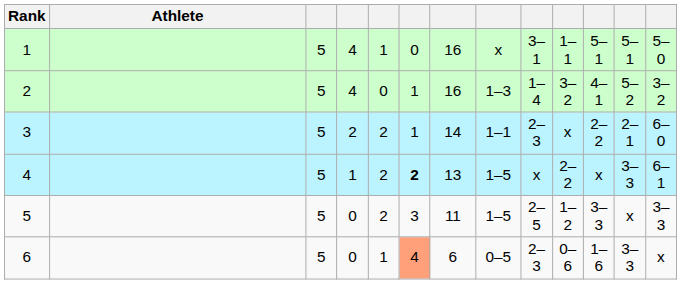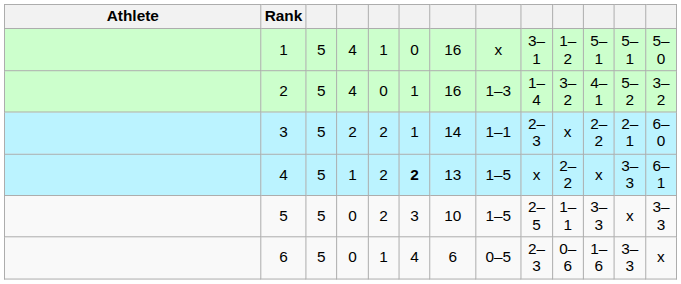 <table class="wikitable" style="text-align: center;">
 <tr>
+<th width=260>Athlete</th>
 <th width=25>Rank</th>
-<th width=260>Athlete</th>
 <th width=25></th>
 <th width=25></th>
 <th width=25></th>
 <th width=25></th>
 <th width=40></th>
 <th width=40></th>
 <th width=25></th>
 <th width=25></th>
 <th width=25></th>
 <th width=25></th>
 <th width=25></th>
 </tr>
 <tr bgcolor=ccffcc>
+<td align=left></td>
 <td>1</td>
-<td align=left></td>
 <td>5</td>
 <td>4</td>
 <td>1</td>
 <td>0</td>
 <td>16</td>
 <td>x</td>
 <td>3–1</td>
-<td>1–1</td>
+<td>1–2</td>
 <td>5–1</td>
 <td>5–1</td>
 <td>5–0</td>
 </tr>
 <tr bgcolor=ccffcc>
+<td align=left></td>
 <td>2</td>
-<td align=left></td>
 <td>5</td>
 <td>4</td>
 <td>0</td>
 <td>1</td>
 <td>16</td>
 <td>1–3</td>
 <td>1–4</td>
 <td>3–2</td>
 <td>4–1</td>
 <td>5–2</td>
 <td>3–2</td>
 </tr>
 <tr bgcolor=bbf3ff>
+<td align=left></td>
 <td>3</td>
-<td align=left></td>
 <td>5</td>
 <td>2</td>
 <td>2</td>
 <td>1</td>
 <td>14</td>
 <td>1–1</td>
 <td>2–3</td>
 <td>x</td>
 <td>2–2</td>
 <td>2–1</td>
 <td>6–0</td>
 </tr>
 <tr bgcolor=bbf3ff>
+<td align=left></td>
 <td>4</td>
-<td align=left></td>
 <td>5</td>
 <td>1</td>
 <td>2</td>
 <td><strong>2</strong></td>
 <td>13</td>
 <td>1–5</td>
 <td>x</td>
 <td>2–2</td>
 <td>x</td>
 <td>3–3</td>
 <td>6–1</td>
 </tr>
 <tr>
+<td align=left></td>
 <td>5</td>
-<td align=left></td>
 <td>5</td>
 <td>0</td>
 <td>2</td>
 <td>3</td>
-<td>11</td>
+<td>10</td>
 <td>1–5</td>
 <td>2–5</td>
-<td>1–2</td>
+<td>1–1</td>
 <td>3–3</td>
 <td>x</td>
 <td>3–3</td>
 </tr>
 <tr>
+<td align=left></td>
 <td>6</td>
-<td align=left></td>
 <td>5</td>
 <td>0</td>
 <td>1</td>
-<td style="background: lightsalmon;">4</td>
+<td>4</td>
 <td>6</td>
 <td>0–5</td>
 <td>2–3</td>
 <td>0–6</td>
 <td>1–6</td>
 <td>3–3</td>
 <td>x</td>
 </tr>
 </table>
